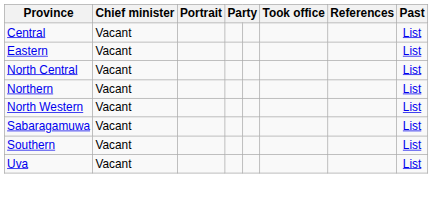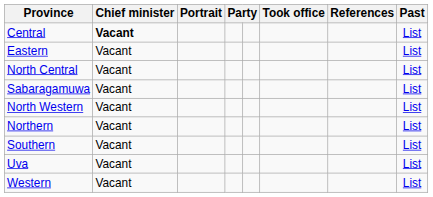 <table class="wikitable plainrowheaders sortable" style="font-size:100%; text-align:left;">
 <tr>
 <th>Province</th>
 <th>Chief minister</th>
 <th class=unsortable>Portrait</th>
 <th colspan="2">Party</th>
 <th>Took office</th>
 <th class=unsortable>References</th>
 <th class=unsortable>Past</th>
 </tr>
 <tr>
 <td><a href='#'>Central</a></td>
-<td>Vacant </td>
+<td><strong>Vacant </strong></td>
 <td></td>
 <td !align="center" style="background:"></td>
 <td></td>
 <td align="center"></td>
 <td align="center"></td>
 <td align="center"><a href='#'>List</a></td>
 </tr>
 <tr>
 <td><a href='#'>Eastern</a></td>
 <td>Vacant </td>
 <td></td>
 <td style="background:"></td>
 <td></td>
 <td align="center"></td>
 <td align="center"></td>
 <td align="center"><a href='#'>List</a></td>
 </tr>
 <tr>
 <td><a href='#'>North Central</a></td>
 <td>Vacant </td>
 <td></td>
 <td !align="center" style="background:"></td>
 <td></td>
 <td align="center"></td>
 <td align="center"></td>
 <td align="center"><a href='#'>List</a></td>
 </tr>
 <tr>
-<td><a href='#'>Northern</a></td>
+<td><a href='#'>Sabaragamuwa</a></td>
 <td>Vacant </td>
 <td></td>
-<td style="background:"></td>
+<td !align="center" style="background:"></td>
 <td></td>
 <td align="center"></td>
 <td align="center"></td>
-<td align=center><a href='#'>List</a></td>
+<td align="center"><a href='#'>List</a></td>
 </tr>
 <tr>
 <td><a href='#'>North Western</a></td>
 <td>Vacant </td>
 <td></td>
 <td !align="center" style="background:"></td>
 <td></td>
 <td align="center"></td>
 <td align="center"></td>
 <td align="center"><a href='#'>List</a></td>
 </tr>
 <tr>
-<td><a href='#'>Sabaragamuwa</a></td>
+<td><a href='#'>Northern</a></td>
 <td>Vacant </td>
 <td></td>
-<td !align="center" style="background:"></td>
+<td style="background:"></td>
 <td></td>
 <td align="center"></td>
 <td align="center"></td>
-<td align="center"><a href='#'>List</a></td>
+<td align=center><a href='#'>List</a></td>
 </tr>
 <tr>
 <td><a href='#'>Southern</a></td>
 <td>Vacant </td>
 <td></td>
 <td !align="center" style="background:"></td>
 <td></td>
 <td align="center"></td>
 <td align="center"></td>
 <td align=center><a href='#'>List</a></td>
 </tr>
 <tr>
 <td><a href='#'>Uva</a></td>
 <td>Vacant</td>
 <td></td>
 <td !align="center" style="background:"></td>
 <td></td>
 <td align="center"></td>
 <td align="center"></td>
 <td align="center"><a href='#'>List</a></td>
 </tr>
+<tr>
+<td><a href='#'>Western</a></td>
+<td>Vacant </td>
+<td></td>
+<td !align="center" style="background:"></td>
+<td></td>
+<td align="center"></td>
+<td align="center"></td>
+<td align="center"><a href='#'>List</a></td>
+</tr>
 </table>
